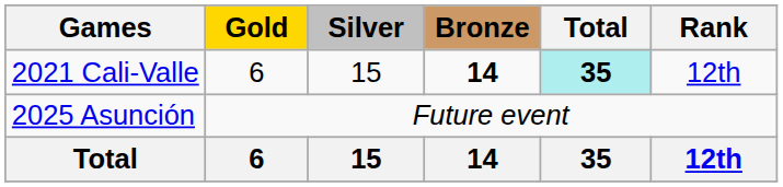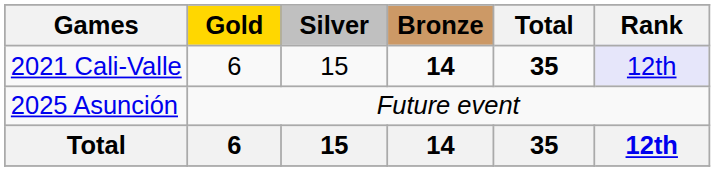 <table class="wikitable" style="text-align:center; font-size:90%;">
 <tr>
 <th>Games</th>
 <td style="background:gold; width:3.2em; font-weight:bold;">Gold</td>
 <td style="background:silver; width:3.7em; font-weight:bold;">Silver</td>
 <td style="background:#c96; width:3.7em; font-weight:bold;">Bronze</td>
 <th style="width:3.5em; font-weight:bold;">Total</th>
 <th style="width:4em; font-weight:bold;">Rank</th>
 </tr>
 <tr>
 <td align=left> <a href='#'>2021 Cali-Valle</a></td>
 <td>6</td>
 <td>15</td>
 <td><strong>14</strong></td>
-<td style="background: paleturquoise;"><strong>35</strong></td>
-<td><a href='#'>12th</a></td>
+<td><strong>35</strong></td>
+<td style="background: lavender;"><a href='#'>12th</a></td>
 </tr>
 <tr>
 <td align=left> <a href='#'>2025 Asunción</a></td>
 <td colspan="5"><em>Future event</em></td>
 </tr>
 <tr>
 <th>Total</th>
 <th>6</th>
 <th>15</th>
 <th>14</th>
 <th>35</th>
 <th><a href='#'>12th</a></th>
 </tr>
 </table>
